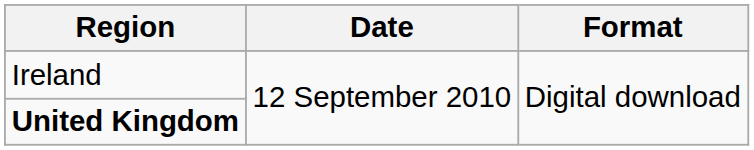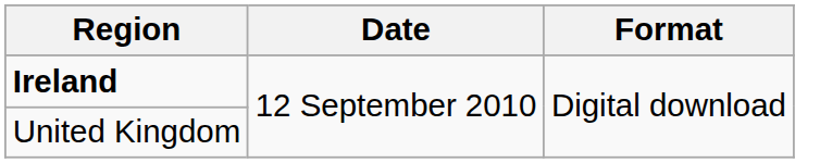 <table class=wikitable>
 <tr>
 <th>Region</th>
 <th>Date</th>
 <th>Format</th>
 </tr>
 <tr>
-<td>Ireland</td>
+<td><strong>Ireland</strong></td>
 <td rowspan="2">12 September 2010</td>
 <td rowspan="2">Digital download</td>
 </tr>
 <tr>
-<td><strong>United Kingdom</strong></td>
+<td>United Kingdom</td>
 </tr>
 </table>
